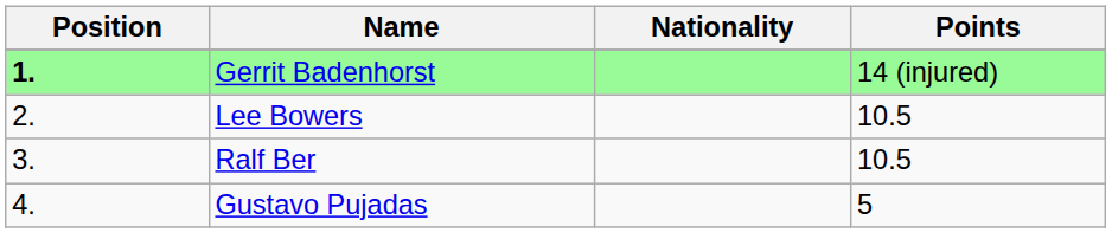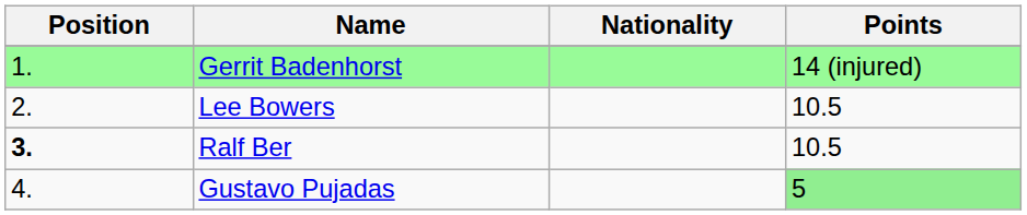 <table class="wikitable" style="display: inline-table; width: 50%;">
 <tr>
 <th>Position</th>
 <th>Name</th>
 <th>Nationality</th>
 <th>Points</th>
 </tr>
 <tr>
 </tr>
 <tr bgcolor=palegreen>
-<td><strong>1.</strong></td>
+<td>1.</td>
 <td><a href='#'>Gerrit Badenhorst</a></td>
 <td></td>
 <td>14 (injured)</td>
 </tr>
 <tr>
 <td>2.</td>
 <td><a href='#'>Lee Bowers</a></td>
 <td></td>
 <td>10.5</td>
 </tr>
 <tr>
-<td>3.</td>
+<td><strong>3.</strong></td>
 <td><a href='#'>Ralf Ber</a></td>
 <td></td>
 <td>10.5</td>
 </tr>
 <tr>
 <td>4.</td>
 <td><a href='#'>Gustavo Pujadas</a></td>
 <td></td>
-<td>5</td>
+<td style="background: lightgreen;">5</td>
 </tr>
 </table>
